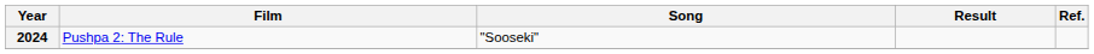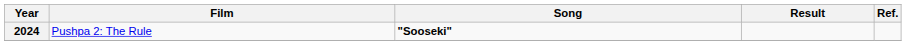 <table class="wikitable plainrowheaders" width="100%" textcolor:#000;">
 <tr>
 <th scope="col" width=5%><strong>Year</strong></th>
 <th scope="col" width=39%><strong>Film</strong></th>
 <th scope="col" width=39%><strong>Song</strong></th>
 <th scope="col" width=15%><strong>Result</strong></th>
 <th scope="col" width=2%><strong>Ref.</strong></th>
 </tr>
 <tr>
 <th scope="row">2024</th>
 <td><a href='#'>Pushpa 2: The Rule</a></td>
-<td>"Sooseki"</td>
+<td><strong>"Sooseki"</strong></td>
 <td></td>
 <td></td>
 </tr>
 <tr>
 </tr>
 </table>
